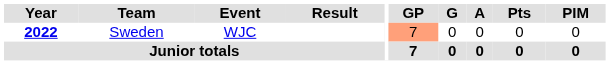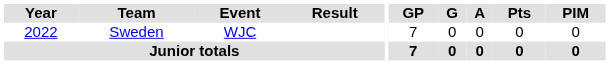 <table border="0" cellpadding="1" cellspacing="0" ID="Table3" style="text-align:center; width:40em">
 <tr bgcolor="#e0e0e0">
 <th>Year</th>
 <th>Team</th>
 <th>Event</th>
 <th>Result</th>
 <th rowspan="102" bgcolor="#ffffff"></th>
 <th>GP</th>
 <th>G</th>
 <th>A</th>
 <th>Pts</th>
 <th>PIM</th>
 </tr>
 <tr>
-<td><strong><a href='#'>2022</a></strong></td>
+<td><a href='#'>2022</a></td>
 <td><a href='#'>Sweden</a></td>
 <td><a href='#'>WJC</a></td>
 <td></td>
-<td style="background: lightsalmon;">7</td>
+<td>7</td>
 <td>0</td>
 <td>0</td>
 <td>0</td>
 <td>0</td>
 </tr>
 <tr bgcolor="#e0e0e0">
 <th colspan="4">Junior totals</th>
 <th>7</th>
 <th>0</th>
 <th>0</th>
 <th>0</th>
 <th>0</th>
 </tr>
 </table>
